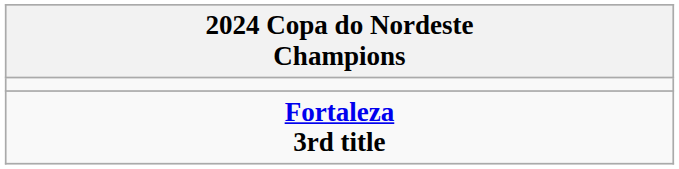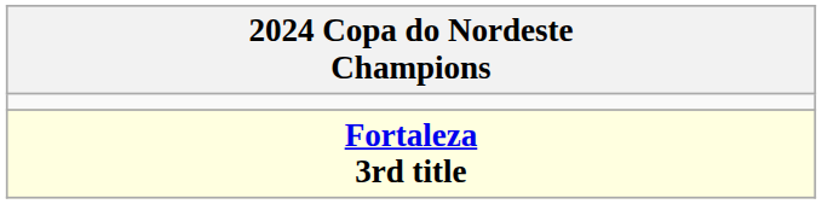 <table class="wikitable" style="text-align: center; margin: 0 auto; width: 20%">
 <tr>
 <th>2024 Copa do Nordeste<br>Champions</th>
 </tr>
 <tr>
 <td></td>
 </tr>
 <tr>
-<td><strong><a href='#'>Fortaleza</a></strong><br><strong>3rd title</strong></td>
+<td style="background: lightyellow;"><strong><a href='#'>Fortaleza</a></strong><br><strong>3rd title</strong></td>
 </tr>
 </table>
